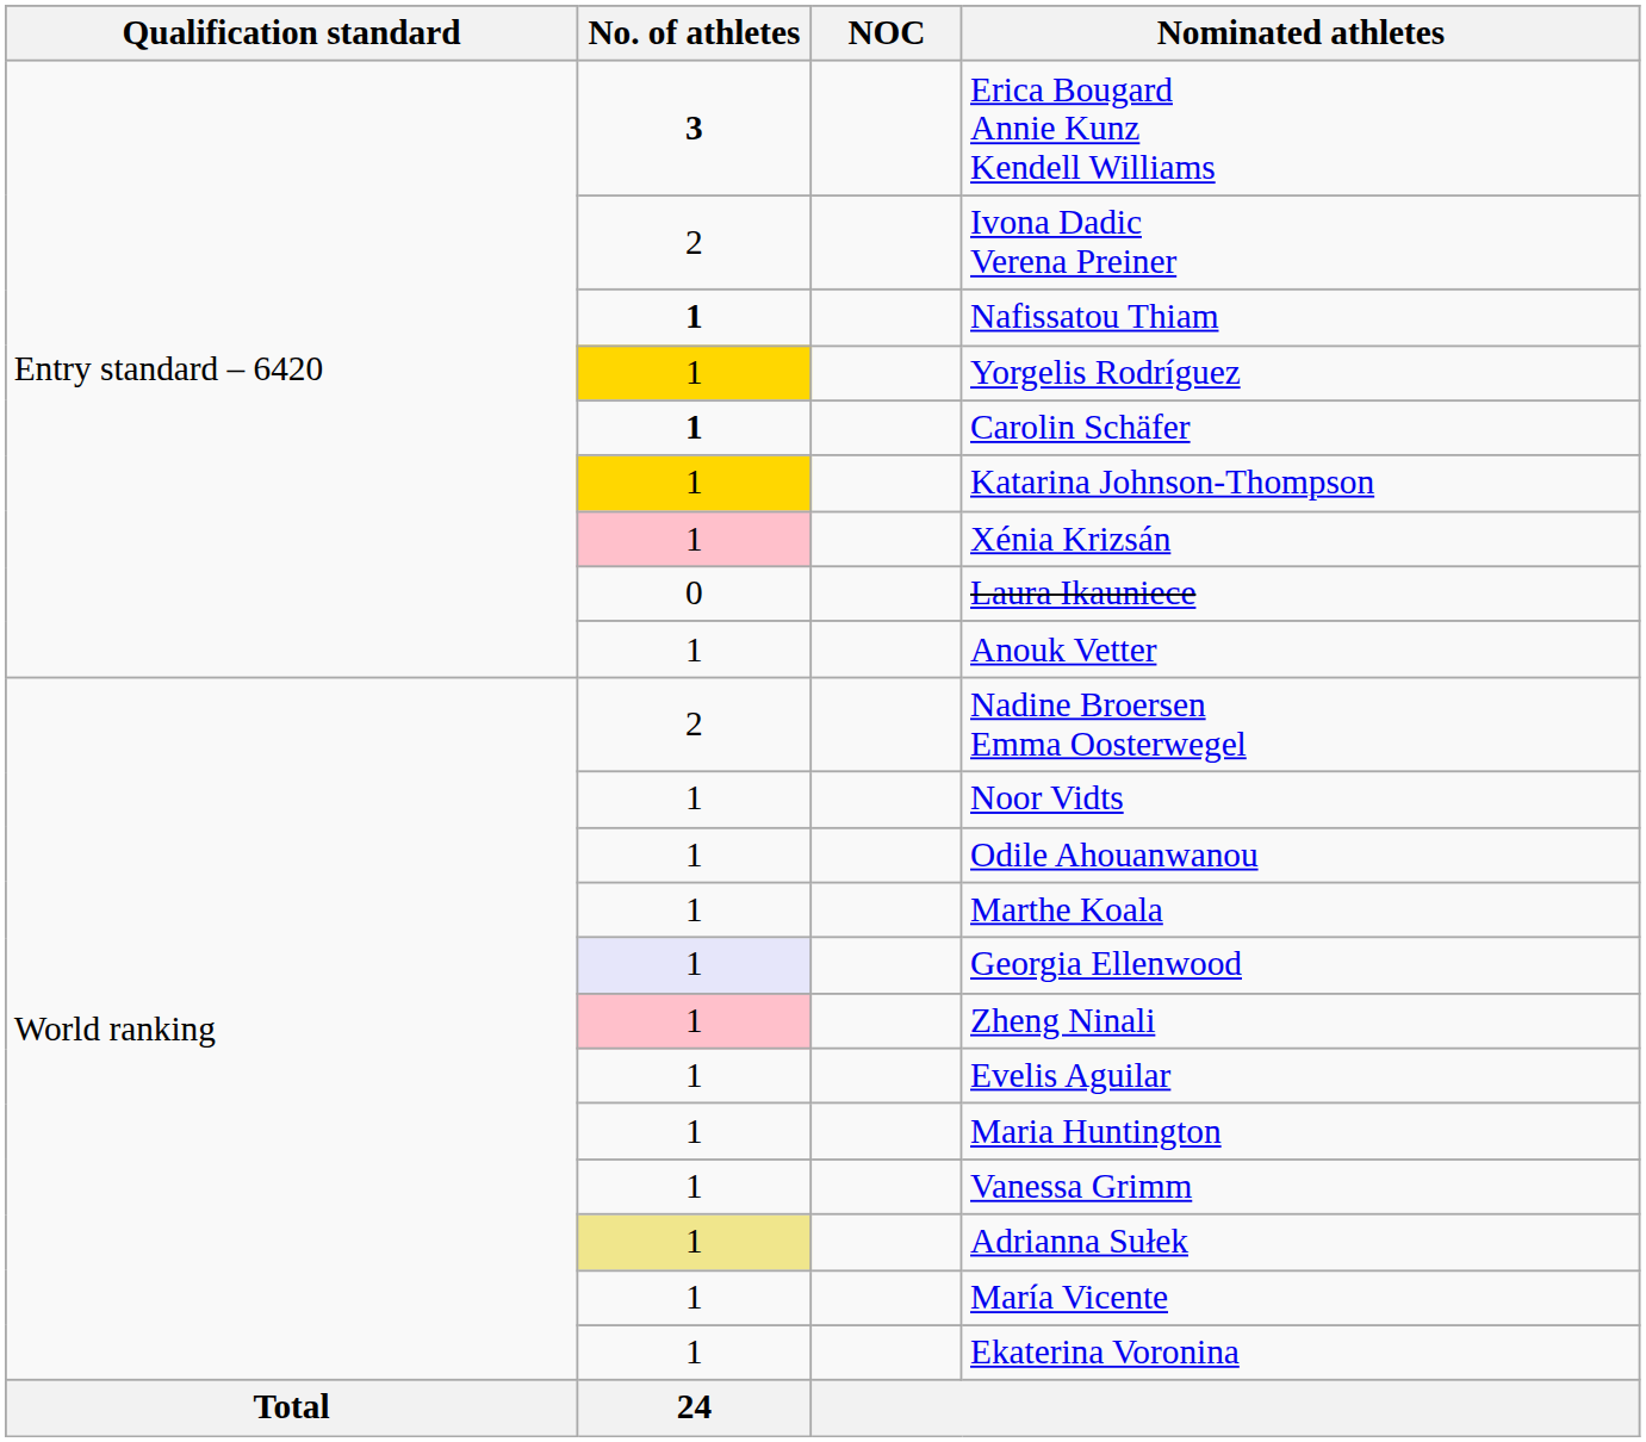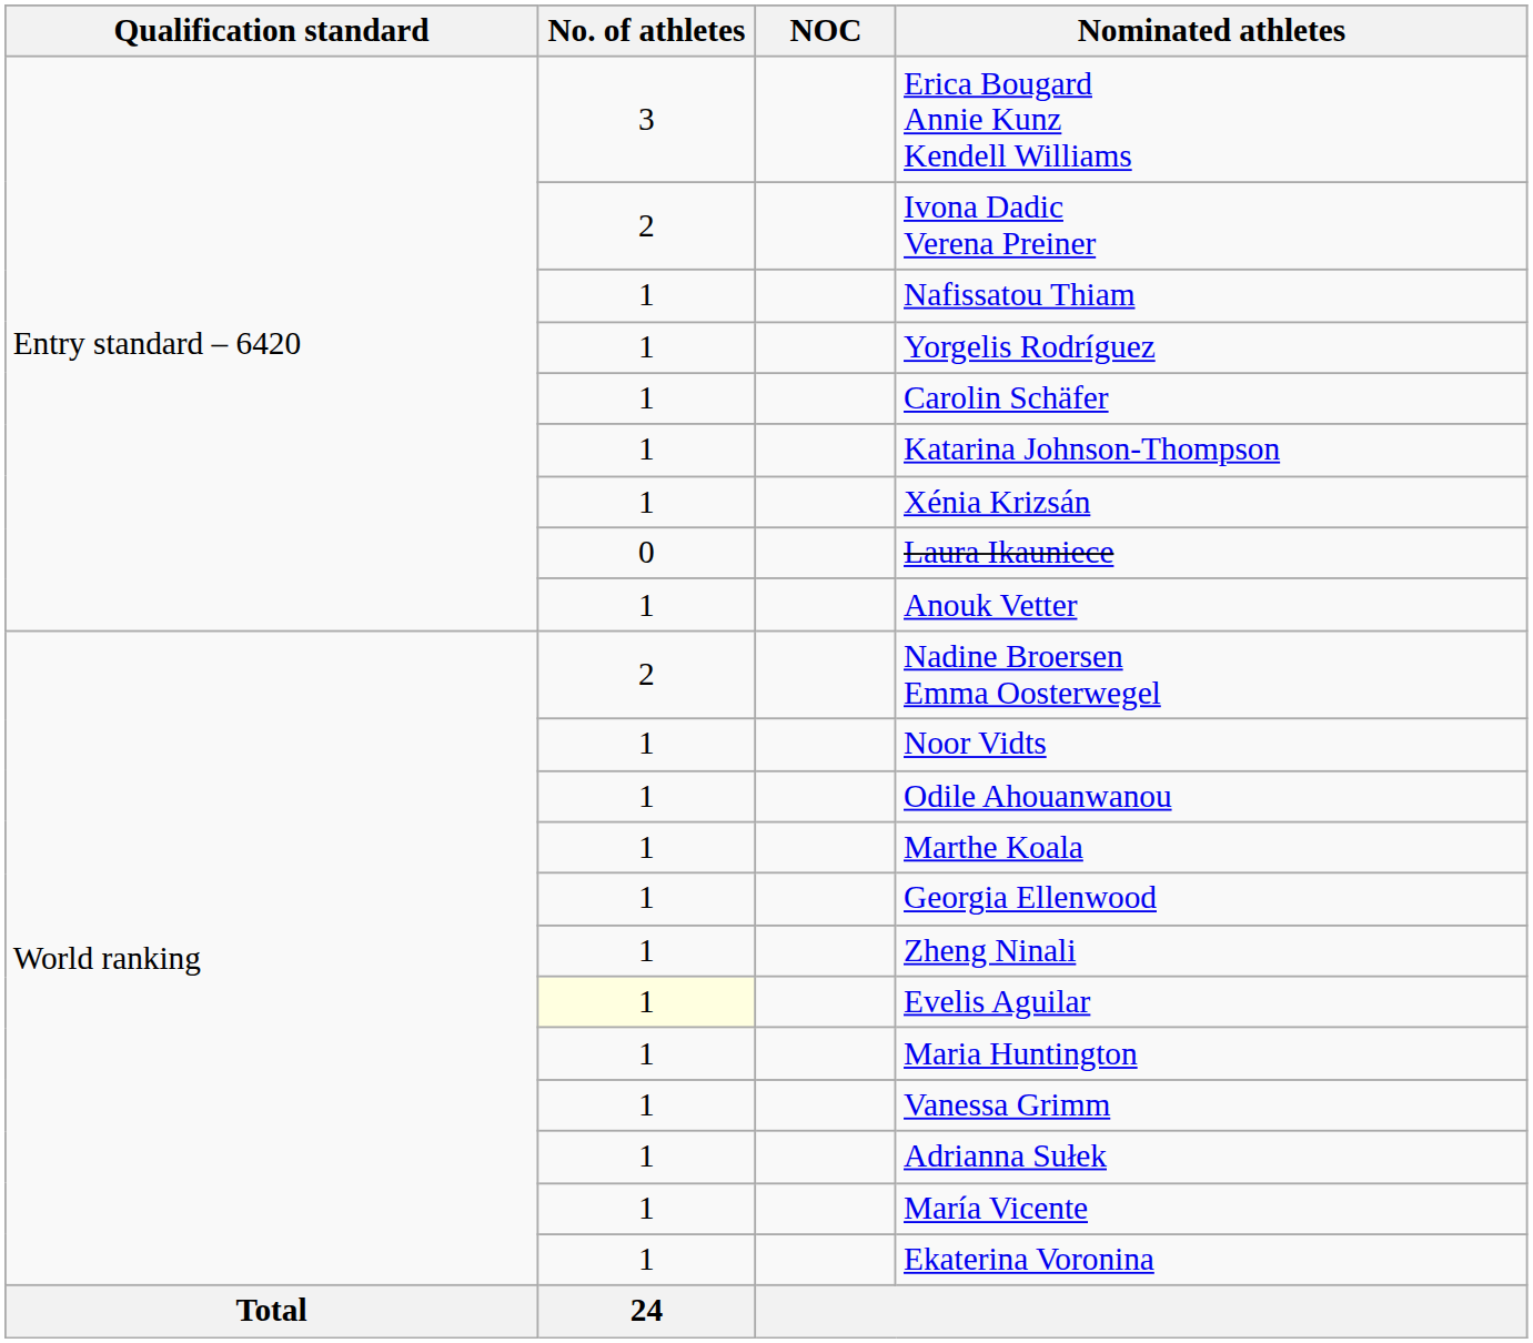 <table class="wikitable" style="text-align:left; width:750px;">
 <tr>
 <th>Qualification standard</th>
 <th width=100>No. of athletes</th>
 <th>NOC</th>
 <th>Nominated athletes</th>
 </tr>
 <tr>
 <td rowspan="9">Entry standard – 6420</td>
-<td align="center"><strong>3</strong></td>
+<td align="center">3</td>
 <td></td>
 <td><a href='#'>Erica Bougard</a><br><a href='#'>Annie Kunz</a><br><a href='#'>Kendell Williams</a></td>
 </tr>
 <tr>
 <td align="center">2</td>
 <td></td>
 <td><a href='#'>Ivona Dadic</a><br><a href='#'>Verena Preiner</a></td>
 </tr>
 <tr>
-<td align=center><strong>1</strong></td>
+<td align=center>1</td>
 <td></td>
 <td><a href='#'>Nafissatou Thiam</a></td>
 </tr>
 <tr>
-<td align=center style="background: gold;">1</td>
+<td align=center>1</td>
 <td></td>
 <td><a href='#'>Yorgelis Rodríguez</a></td>
 </tr>
 <tr>
-<td align=center><strong>1</strong></td>
+<td align=center>1</td>
 <td></td>
 <td><a href='#'>Carolin Schäfer</a></td>
 </tr>
 <tr>
-<td align=center style="background: gold;">1</td>
+<td align=center>1</td>
 <td></td>
 <td><a href='#'>Katarina Johnson-Thompson</a></td>
 </tr>
 <tr>
-<td align=center style="background: pink;">1</td>
+<td align=center>1</td>
 <td></td>
 <td><a href='#'>Xénia Krizsán</a></td>
 </tr>
 <tr>
 <td align=center>0</td>
 <td></td>
 <td><s><a href='#'>Laura Ikauniece</a></s></td>
 </tr>
 <tr>
 <td align=center>1</td>
 <td></td>
 <td><a href='#'>Anouk Vetter</a></td>
 </tr>
 <tr>
 <td rowspan=12>World ranking</td>
 <td align=center>2</td>
 <td></td>
 <td><a href='#'>Nadine Broersen</a><br><a href='#'>Emma Oosterwegel</a></td>
 </tr>
 <tr>
 <td align=center>1</td>
 <td></td>
 <td><a href='#'>Noor Vidts</a></td>
 </tr>
 <tr>
 <td align=center>1</td>
 <td></td>
 <td><a href='#'>Odile Ahouanwanou</a></td>
 </tr>
 <tr>
 <td align=center>1</td>
 <td></td>
 <td><a href='#'>Marthe Koala</a></td>
 </tr>
 <tr>
-<td align=center style="background: lavender;">1</td>
+<td align=center>1</td>
 <td></td>
 <td><a href='#'>Georgia Ellenwood</a></td>
 </tr>
 <tr>
-<td align=center style="background: pink;">1</td>
+<td align=center>1</td>
 <td></td>
 <td><a href='#'>Zheng Ninali</a></td>
 </tr>
 <tr>
-<td align=center>1</td>
+<td align=center style="background: lightyellow;">1</td>
 <td></td>
 <td><a href='#'>Evelis Aguilar</a></td>
 </tr>
 <tr>
 <td align=center>1</td>
 <td></td>
 <td><a href='#'>Maria Huntington</a></td>
 </tr>
 <tr>
 <td align=center>1</td>
 <td></td>
 <td><a href='#'>Vanessa Grimm</a></td>
 </tr>
 <tr>
-<td align=center style="background: khaki;">1</td>
+<td align=center>1</td>
 <td></td>
 <td><a href='#'>Adrianna Sułek</a></td>
 </tr>
 <tr>
 <td align=center>1</td>
 <td></td>
 <td><a href='#'>María Vicente</a></td>
 </tr>
 <tr>
 <td align=center>1</td>
 <td></td>
 <td><a href='#'>Ekaterina Voronina</a></td>
 </tr>
 <tr>
 <th>Total</th>
 <th>24</th>
 <th colspan=2></th>
 </tr>
 </table>
